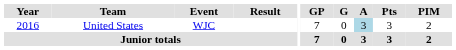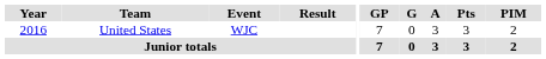 <table border="0" cellpadding="1" cellspacing="0" ID="Table3" style="text-align:center; width:40em">
 <tr ALIGN="center" bgcolor="#e0e0e0">
 <th>Year</th>
 <th>Team</th>
 <th>Event</th>
 <th>Result</th>
 <th rowspan="99" bgcolor="#ffffff"></th>
 <th>GP</th>
 <th>G</th>
 <th>A</th>
 <th>Pts</th>
 <th>PIM</th>
 </tr>
 <tr>
 <td><a href='#'>2016</a></td>
 <td><a href='#'>United States</a></td>
 <td><a href='#'>WJC</a></td>
 <td></td>
 <td>7</td>
 <td>0</td>
-<td style="background: lightblue;">3</td>
+<td>3</td>
 <td>3</td>
 <td>2</td>
 </tr>
 <tr bgcolor="#e0e0e0">
 <th colspan="4">Junior totals</th>
 <th>7</th>
 <th>0</th>
 <th>3</th>
 <th>3</th>
 <th>2</th>
 </tr>
 </table>
